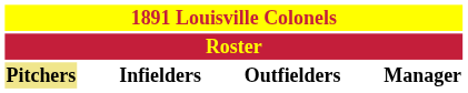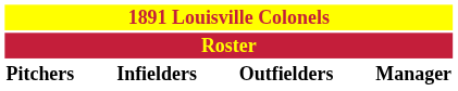 <table class="toccolours" style="font-size: 95%;">
 <tr>
 <th colspan="10" style="background-color: #FFFF00; color: #C41E3A; text-align: center;">1891 Louisville Colonels</th>
 </tr>
 <tr>
 <td colspan="10" style="background-color: #C41E3A; color: yellow; text-align: center;"><strong>Roster</strong></td>
 </tr>
 <tr>
-<td valign="top" style="background: khaki;"><strong>Pitchers</strong><br>           </td>
+<td valign="top"><strong>Pitchers</strong><br>           </td>
 <td width="25px"></td>
 <td valign="top"><strong>Infielders</strong><br>             </td>
 <td width="25px"></td>
 <td valign="top"><strong>Outfielders</strong><br>    </td>
 <td width="25px"></td>
 <td valign="top"><strong>Manager</strong><br></td>
 </tr>
 </table>
